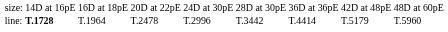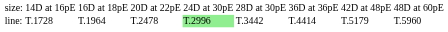 <table style="margin-left:40px;">
 <tr>
 <td>size:</td>
 <td>14D at 16pE</td>
 <td>16D at 18pE</td>
 <td>20D at 22pE</td>
 <td>24D at 30pE</td>
 <td>28D at 30pE</td>
 <td>36D at 36pE</td>
 <td>42D at 48pE</td>
 <td>48D at 60pE</td>
 </tr>
 <tr>
 <td>line:</td>
-<td><strong>T.1728</strong></td>
+<td>T.1728</td>
 <td>T.1964</td>
 <td>T.2478</td>
-<td>T.2996</td>
+<td style="background: lightgreen;">T.2996</td>
 <td>T.3442</td>
 <td>T.4414</td>
 <td>T.5179</td>
 <td>T.5960</td>
 </tr>
 </table>
